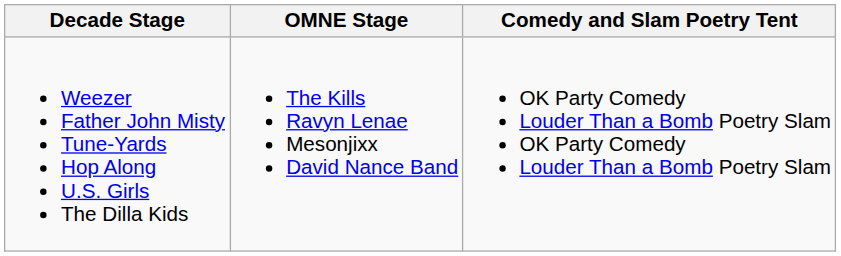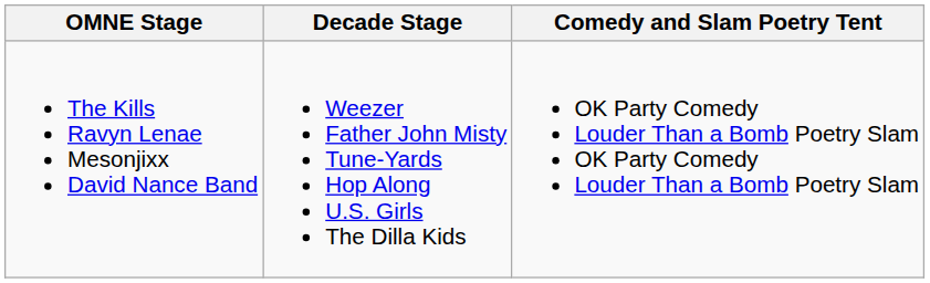 <table class="wikitable">
 <tr>
+<th>OMNE Stage</th>
 <th>Decade Stage</th>
-<th>OMNE Stage</th>
 <th>Comedy and Slam Poetry Tent</th>
 </tr>
 <tr valign="top">
+<td><br><ul><li><a href='#'>The Kills</a></li><li><a href='#'>Ravyn Lenae</a></li><li>Mesonjixx</li><li><a href='#'>David Nance Band</a></li></ul></td>
 <td><br><ul><li><a href='#'>Weezer</a></li><li><a href='#'>Father John Misty</a></li><li><a href='#'>Tune-Yards</a></li><li><a href='#'>Hop Along</a></li><li><a href='#'>U.S. Girls</a></li><li>The Dilla Kids</li></ul></td>
-<td><br><ul><li><a href='#'>The Kills</a></li><li><a href='#'>Ravyn Lenae</a></li><li>Mesonjixx</li><li><a href='#'>David Nance Band</a></li></ul></td>
 <td><br><ul><li>OK Party Comedy</li><li><a href='#'>Louder Than a Bomb</a> Poetry Slam</li><li>OK Party Comedy</li><li><a href='#'>Louder Than a Bomb</a> Poetry Slam</li></ul></td>
 </tr>
 </table>
